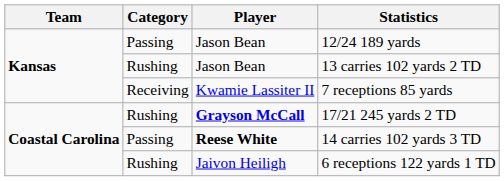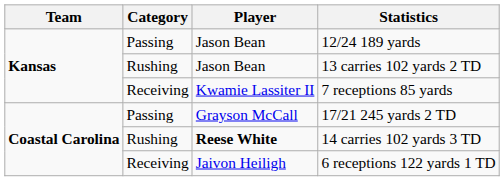 <table class="wikitable" style="float: right;">
 <tr>
 <th>Team</th>
 <th>Category</th>
 <th>Player</th>
 <th>Statistics</th>
 </tr>
 <tr>
 <td rowspan=3><strong>Kansas</strong></td>
 <td>Passing</td>
 <td>Jason Bean</td>
 <td>12/24	189	yards</td>
 </tr>
 <tr>
 <td>Rushing</td>
 <td>Jason Bean</td>
 <td>13 carries 102 yards 2 TD</td>
 </tr>
 <tr>
 <td>Receiving</td>
 <td><a href='#'>Kwamie Lassiter II</a></td>
 <td>7 receptions 85 yards</td>
 </tr>
 <tr>
 <td rowspan=3><strong>Coastal Carolina</strong></td>
-<td>Rushing</td>
-<td><strong><a href='#'>Grayson McCall</a></strong></td>
+<td>Passing</td>
+<td><a href='#'>Grayson McCall</a></td>
 <td>17/21 245 yards 2	TD</td>
 </tr>
 <tr>
-<td>Passing</td>
+<td>Rushing</td>
 <td><strong>Reese White</strong></td>
 <td>14 carries 102 yards 3 TD</td>
 </tr>
 <tr>
-<td>Rushing</td>
+<td>Receiving</td>
 <td><a href='#'>Jaivon Heiligh</a></td>
 <td>6 receptions 122 yards 1 TD</td>
 </tr>
 </table>
